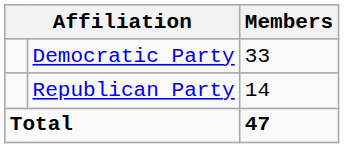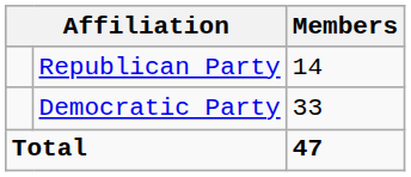 <table class="wikitable">
 <tr>
 <th colspan=2>Affiliation</th>
 <th>Members</th>
 </tr>
 <tr>
 <td style="background-color:"> </td>
-<td><a href='#'>Democratic Party</a></td>
-<td>33</td>
+<td><a href='#'>Republican Party</a></td>
+<td>14</td>
 </tr>
 <tr>
 <td style="background-color:"> </td>
-<td><a href='#'>Republican Party</a></td>
-<td>14</td>
+<td><a href='#'>Democratic Party</a></td>
+<td>33</td>
 </tr>
 <tr>
 <td colspan=2><strong>Total</strong><br></td>
 <td><strong>47</strong></td>
 </tr>
 </table>
